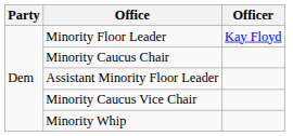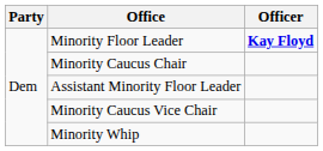 <table class=wikitable>
 <tr>
 <th>Party</th>
 <th>Office</th>
 <th>Officer</th>
 </tr>
 <tr>
 <td rowspan=5 style="background: ">Dem</td>
 <td>Minority Floor Leader</td>
-<td><a href='#'>Kay Floyd</a></td>
+<td><strong><a href='#'>Kay Floyd</a></strong></td>
 </tr>
 <tr>
 <td>Minority Caucus Chair</td>
 <td></td>
 </tr>
 <tr>
 <td>Assistant Minority Floor Leader</td>
 <td></td>
 </tr>
 <tr>
 <td>Minority Caucus Vice Chair</td>
 <td></td>
 </tr>
 <tr>
 <td>Minority Whip</td>
 <td></td>
 </tr>
 </table>
